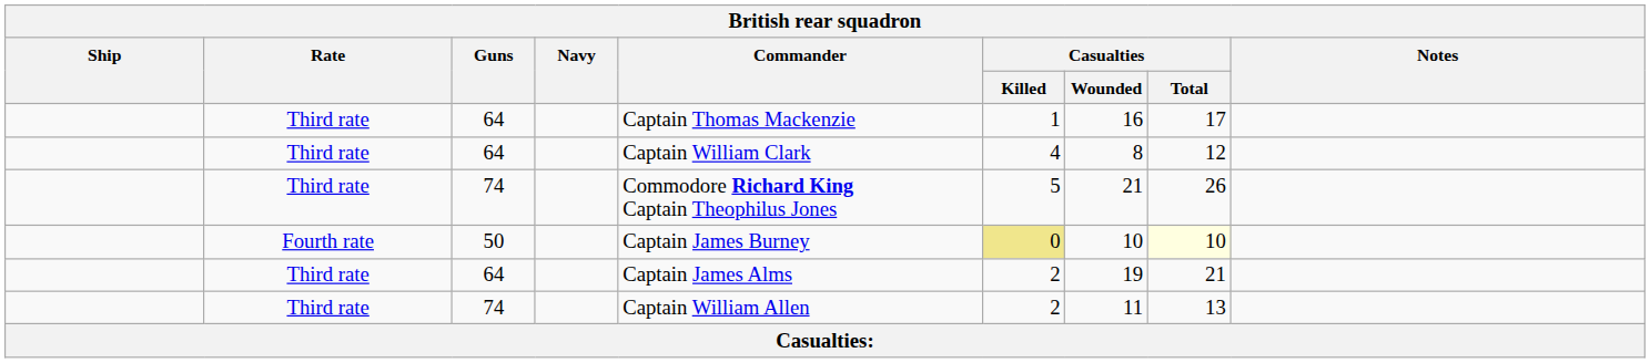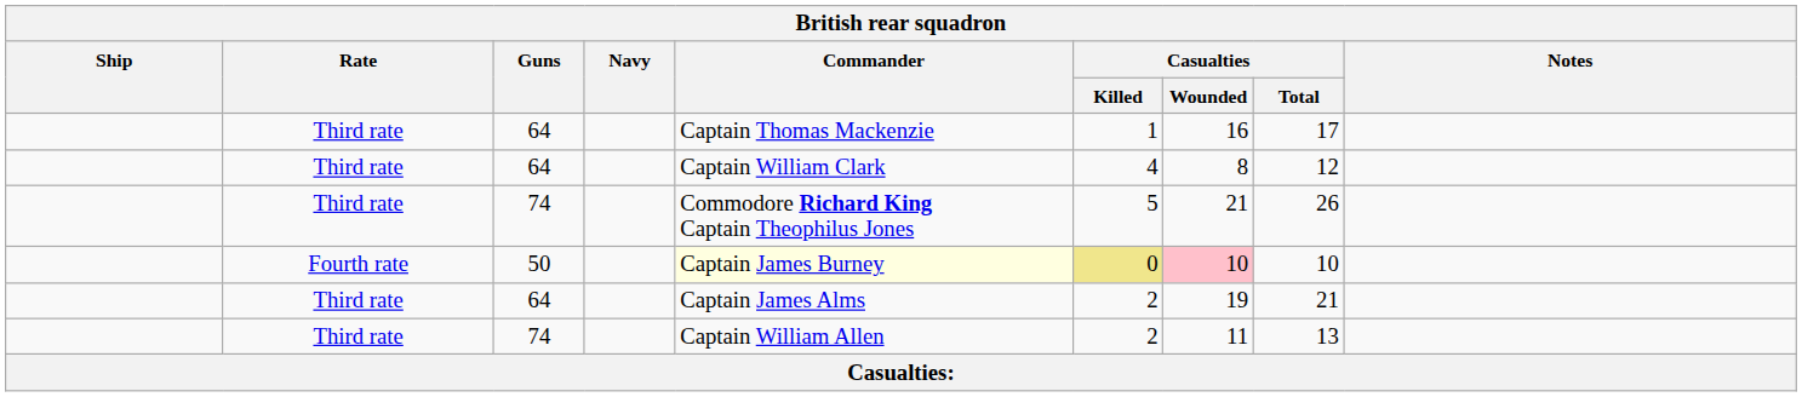 <table class="wikitable" border="1" style="width:100%;">
 <tr style="vertical-align:top;">
 <th colspan="11" bgcolor="white">British rear squadron</th>
 </tr>
 <tr valign="top"|- style="vertical-align:top;">
 <th width=12%; align= center rowspan=2><small> Ship </small></th>
 <th width=15%; align= center rowspan=2><small> Rate </small></th>
 <th width=5%; align= center rowspan=2><small> Guns </small></th>
 <th width=5%; align= center rowspan=2><small> Navy </small></th>
 <th width=22%; align= center rowspan=2><small> Commander </small></th>
 <th width=15%; align= center colspan=3><small>Casualties</small></th>
 <th width=25%; align= center rowspan=2><small>Notes</small></th>
 </tr>
 <tr style="vertical-align:top;">
 <th width=5%; align= center><small> Killed </small></th>
 <th width=5%; align= center><small> Wounded </small></th>
 <th width=5%; align= center><small> Total</small></th>
 </tr>
 <tr style="vertical-align:top;">
 <td align= left></td>
 <td align= center><a href='#'>Third rate</a></td>
 <td align= center>64</td>
 <td align= center></td>
 <td align= left>Captain <a href='#'>Thomas Mackenzie</a></td>
 <td align= right>1</td>
 <td align= right>16</td>
 <td align= right>17</td>
 <td align= left></td>
 </tr>
 <tr style="vertical-align:top;">
 <td align= left></td>
 <td align= center><a href='#'>Third rate</a></td>
 <td align= center>64</td>
 <td align= center></td>
 <td align= left>Captain <a href='#'>William Clark</a></td>
 <td align= right>4</td>
 <td align= right>8</td>
 <td align= right>12</td>
 <td align= left></td>
 </tr>
 <tr style="vertical-align:top;">
 <td align= left></td>
 <td align= center><a href='#'>Third rate</a></td>
 <td align= center>74</td>
 <td align= center></td>
 <td align= left>Commodore <strong><a href='#'>Richard King</a></strong><br>Captain <a href='#'>Theophilus Jones</a></td>
 <td align= right>5</td>
 <td align= right>21</td>
 <td align= right>26</td>
 <td align= left></td>
 </tr>
 <tr style="vertical-align:top;">
 <td align= left></td>
 <td align= center><a href='#'>Fourth rate</a></td>
 <td align= center>50</td>
 <td align= center></td>
-<td align= left>Captain <a href='#'>James Burney</a></td>
+<td align= left style="background: lightyellow;">Captain <a href='#'>James Burney</a></td>
 <td align= right style="background: khaki;">0</td>
+<td align= right style="background: pink;">10</td>
 <td align= right>10</td>
-<td align= right style="background: lightyellow;">10</td>
 <td align= left></td>
 </tr>
 <tr style="vertical-align:top;">
 <td align= left></td>
 <td align= center><a href='#'>Third rate</a></td>
 <td align= center>64</td>
 <td align= center></td>
 <td align= left>Captain <a href='#'>James Alms</a></td>
 <td align= right>2</td>
 <td align= right>19</td>
 <td align= right>21</td>
 <td align= left></td>
 </tr>
 <tr style="vertical-align:top;">
 <td align= left></td>
 <td align= center><a href='#'>Third rate</a></td>
 <td align= center>74</td>
 <td align= center></td>
 <td align= left>Captain <a href='#'>William Allen</a></td>
 <td align= right>2</td>
 <td align= right>11</td>
 <td align= right>13</td>
 <td align= left></td>
 </tr>
 <tr style="vertical-align:top;">
 <th colspan="11" bgcolor="white">Casualties:</th>
 </tr>
 </table>
